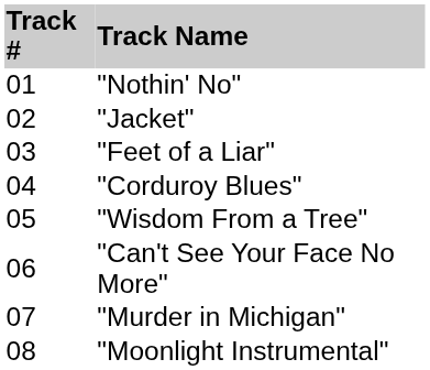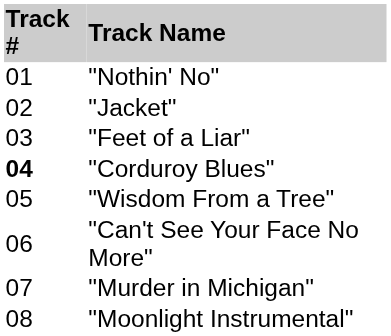 <table cellspacing="0" cellpadding="1" border="0" style="width:250px;">
 <tr style="background:#ccc;">
 <td><strong>Track #</strong></td>
 <td><strong>Track Name</strong></td>
 </tr>
 <tr>
 <td>01</td>
 <td>"Nothin' No"</td>
 </tr>
 <tr>
 <td>02</td>
 <td>"Jacket"</td>
 </tr>
 <tr>
 <td>03</td>
 <td>"Feet of a Liar"</td>
 </tr>
 <tr>
-<td>04</td>
+<td><strong>04</strong></td>
 <td>"Corduroy Blues"</td>
 </tr>
 <tr>
 <td>05</td>
 <td>"Wisdom From a Tree"</td>
 </tr>
 <tr>
 <td>06</td>
 <td>"Can't See Your Face No More"</td>
 </tr>
 <tr>
 <td>07</td>
 <td>"Murder in Michigan"</td>
 </tr>
 <tr>
 <td>08</td>
 <td>"Moonlight Instrumental"</td>
 </tr>
 </table>
